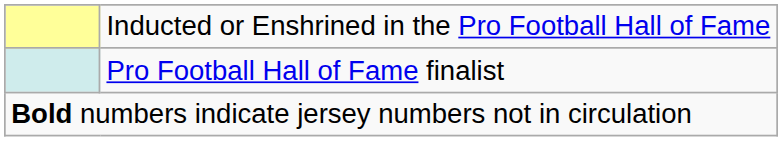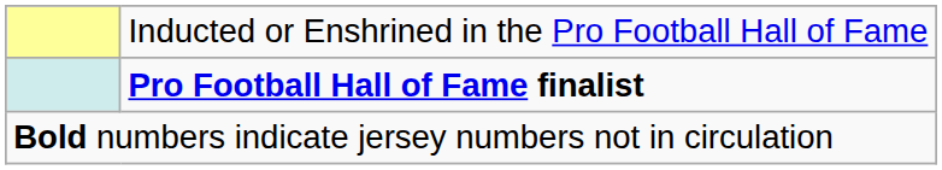 <table class="wikitable">
 <tr>
 <td style="background:#ff9; width:3em;"></td>
 <td>Inducted or Enshrined in the <a href='#'>Pro Football Hall of Fame</a></td>
 </tr>
 <tr>
 <td style="background:#cfecec; width:3em;"></td>
-<td><a href='#'>Pro Football Hall of Fame</a> finalist </td>
+<td><strong><a href='#'>Pro Football Hall of Fame</a> finalist </strong></td>
 </tr>
 <tr>
 <td colspan="2"><strong>Bold</strong> numbers indicate jersey numbers not in circulation</td>
 </tr>
 </table>
